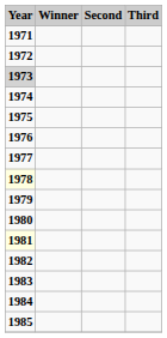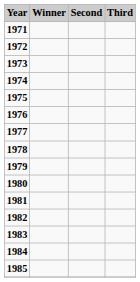 <table class="wikitable sortable" style="font-size:95%">
 <tr bgcolor="#E4E4E4">
 <td style="background:#CCCCCC;color:#000000"><strong>Year</strong></td>
 <td style="background:#CCCCCC;color:#000000"><strong>Winner</strong></td>
 <td style="background:#CCCCCC;color:#000000"><strong>Second</strong></td>
 <td style="background:#CCCCCC;color:#000000"><strong>Third</strong></td>
 </tr>
 <tr>
 <td><strong>1971</strong></td>
 <td></td>
 <td></td>
 <td></td>
 </tr>
 <tr>
 <td><strong>1972</strong></td>
 <td></td>
 <td></td>
 <td></td>
 </tr>
 <tr>
-<td style="background: lightgrey;"><strong>1973</strong></td>
+<td><strong>1973</strong></td>
 <td></td>
 <td></td>
 <td></td>
 </tr>
 <tr>
 <td><strong>1974</strong></td>
 <td></td>
 <td></td>
 <td></td>
 </tr>
 <tr>
 <td><strong>1975</strong></td>
 <td></td>
 <td></td>
 <td></td>
 </tr>
 <tr>
 <td><strong>1976</strong></td>
 <td></td>
 <td></td>
 <td></td>
 </tr>
 <tr>
 <td><strong>1977</strong></td>
 <td></td>
 <td></td>
 <td></td>
 </tr>
 <tr>
-<td style="background: lightyellow;"><strong>1978</strong></td>
+<td><strong>1978</strong></td>
 <td></td>
 <td></td>
 <td></td>
 </tr>
 <tr>
 <td><strong>1979</strong></td>
 <td></td>
 <td></td>
 <td></td>
 </tr>
 <tr>
 <td><strong>1980</strong></td>
 <td></td>
 <td></td>
 <td></td>
 </tr>
 <tr>
-<td style="background: lightyellow;"><strong>1981</strong></td>
+<td><strong>1981</strong></td>
 <td></td>
 <td></td>
 <td></td>
 </tr>
 <tr>
 <td><strong>1982</strong></td>
 <td></td>
 <td></td>
 <td></td>
 </tr>
 <tr>
 <td><strong>1983</strong></td>
 <td></td>
 <td></td>
 <td></td>
 </tr>
 <tr>
 <td><strong>1984</strong></td>
 <td></td>
 <td></td>
 <td></td>
 </tr>
 <tr>
 <td><strong>1985</strong></td>
 <td></td>
 <td></td>
 <td></td>
 </tr>
 <tr>
 </tr>
 </table>
